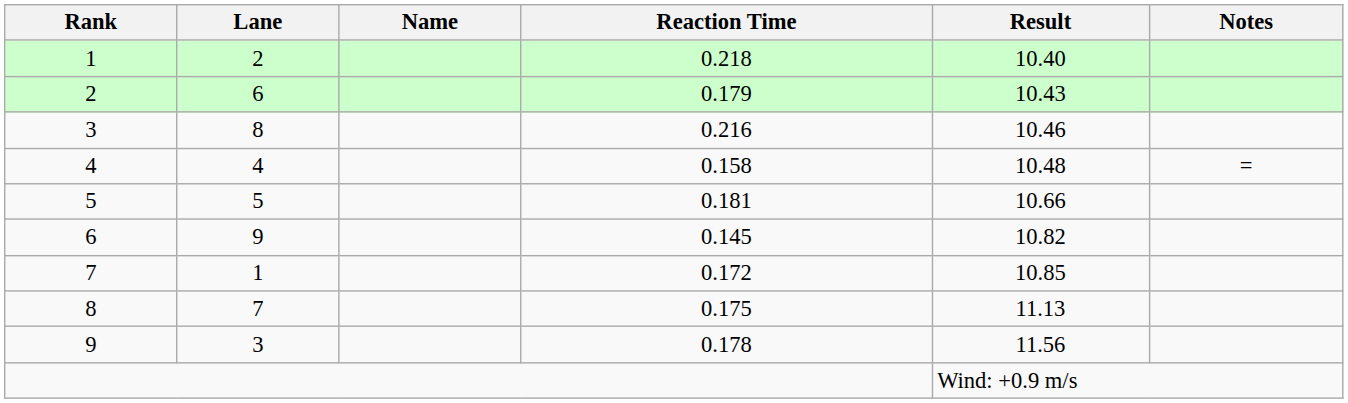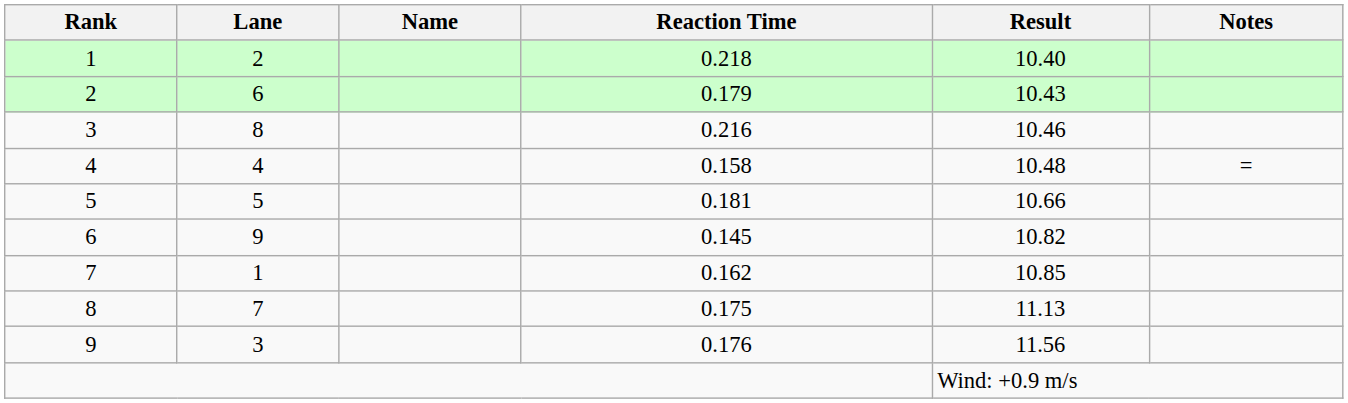 <table class="wikitable" style="text-align:center;width: 60%">
 <tr>
 <th>Rank</th>
 <th>Lane</th>
 <th>Name</th>
 <th>Reaction Time</th>
 <th>Result</th>
 <th>Notes</th>
 </tr>
 <tr bgcolor=ccffcc>
 <td>1</td>
 <td>2</td>
 <td align="left"></td>
 <td>0.218</td>
 <td>10.40</td>
 <td></td>
 </tr>
 <tr bgcolor=ccffcc>
 <td>2</td>
 <td>6</td>
 <td align="left"></td>
 <td>0.179</td>
 <td>10.43</td>
 <td></td>
 </tr>
 <tr>
 <td>3</td>
 <td>8</td>
 <td align="left"></td>
 <td>0.216</td>
 <td>10.46</td>
 <td></td>
 </tr>
 <tr>
 <td>4</td>
 <td>4</td>
 <td align="left"></td>
 <td>0.158</td>
 <td>10.48</td>
 <td>=</td>
 </tr>
 <tr>
 <td>5</td>
 <td>5</td>
 <td align="left"></td>
 <td>0.181</td>
 <td>10.66</td>
 <td></td>
 </tr>
 <tr>
 <td>6</td>
 <td>9</td>
 <td align="left"></td>
 <td>0.145</td>
 <td>10.82</td>
 <td></td>
 </tr>
 <tr>
 <td>7</td>
 <td>1</td>
 <td align="left"></td>
-<td>0.172</td>
+<td>0.162</td>
 <td>10.85</td>
 <td></td>
 </tr>
 <tr>
 <td>8</td>
 <td>7</td>
 <td align="left"></td>
 <td>0.175</td>
 <td>11.13</td>
 <td></td>
 </tr>
 <tr>
 <td>9</td>
 <td>3</td>
 <td align="left"></td>
-<td>0.178</td>
+<td>0.176</td>
 <td>11.56</td>
 <td></td>
 </tr>
 <tr class="sortbottom">
 <td colspan=4></td>
 <td colspan="2" style="text-align:left;">Wind: +0.9 m/s</td>
 </tr>
 </table>
